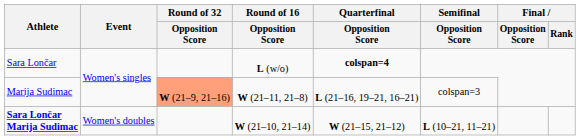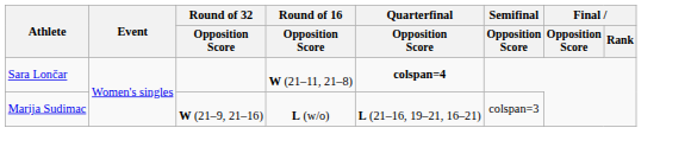 <table class="wikitable" style="font-size:90%">
 <tr>
 <th rowspan=2>Athlete</th>
 <th rowspan=2>Event</th>
 <th>Round of 32</th>
 <th>Round of 16</th>
 <th>Quarterfinal</th>
 <th>Semifinal</th>
 <th colspan=2>Final / </th>
 </tr>
 <tr style="font-size:95%">
 <th>Opposition<br>Score</th>
 <th>Opposition<br>Score</th>
 <th>Opposition<br>Score</th>
 <th>Opposition<br>Score</th>
 <th>Opposition<br>Score</th>
 <th>Rank</th>
 </tr>
 <tr align=center>
 <td align=left><a href='#'>Sara Lončar</a></td>
 <td align=left rowspan=2><a href='#'>Women's singles</a></td>
 <td></td>
-<td><br><strong>L</strong> (w/o)</td>
+<td><br><strong>W</strong> (21–11, 21–8)</td>
 <td><strong>colspan=4 </strong></td>
 </tr>
 <tr align=center>
 <td align=left><a href='#'>Marija Sudimac</a></td>
-<td style="background: lightsalmon;"><br><strong>W</strong> (21–9, 21–16)</td>
-<td><br><strong>W</strong> (21–11, 21–8)</td>
+<td><br><strong>W</strong> (21–9, 21–16)</td>
+<td><br><strong>L</strong> (w/o)</td>
 <td><br><strong>L</strong> (21–16, 19–21, 16–21)</td>
 <td>colspan=3 </td>
 </tr>
-<tr align=center>
-<td align=left><strong><a href='#'>Sara Lončar</a><br><a href='#'>Marija Sudimac</a></strong></td>
-<td align=left><a href='#'>Women's doubles</a></td>
-<td></td>
-<td><br><strong>W</strong> (21–10, 21–14)</td>
-<td><br><strong>W</strong> (21–15, 21–12)</td>
-<td><br><strong>L</strong> (10–21, 11–21)</td>
-<td></td>
-<td></td>
-</tr>
 </table>
